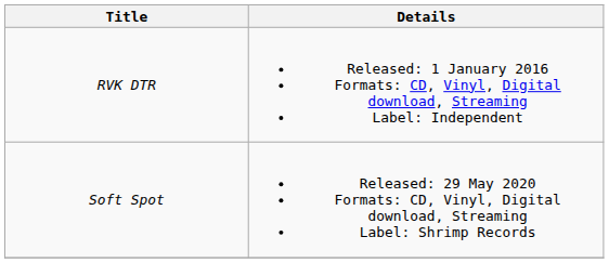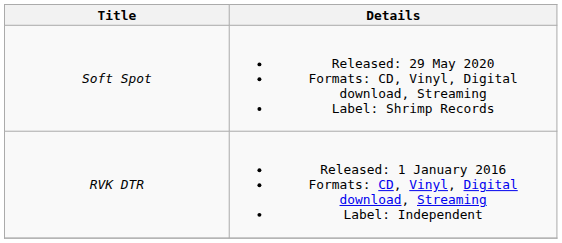 <table class="wikitable" style="text-align:center;">
 <tr>
 <th scope="col" style="width:17em;">Title</th>
 <th scope="col" style="width:25em;">Details</th>
 </tr>
 <tr>
+<td><em>Soft Spot</em></td>
+<td><br><ul><li>Released: 29 May 2020</li><li>Formats: CD, Vinyl, Digital download, Streaming</li><li>Label: Shrimp Records</li></ul></td>
+</tr>
+<tr>
 <td><em>RVK DTR</em></td>
 <td><br><ul><li>Released: 1 January 2016</li><li>Formats: <a href='#'>CD</a>, <a href='#'>Vinyl</a>, <a href='#'>Digital download</a>, <a href='#'>Streaming</a></li><li>Label: Independent</li></ul></td>
 </tr>
 <tr>
-<td><em>Soft Spot</em></td>
-<td><br><ul><li>Released: 29 May 2020</li><li>Formats: CD, Vinyl, Digital download, Streaming</li><li>Label: Shrimp Records</li></ul></td>
-</tr>
-<tr>
 </tr>
 </table>
